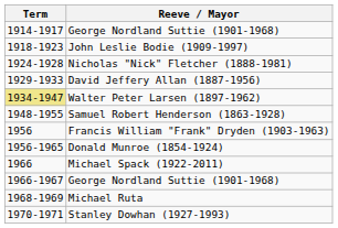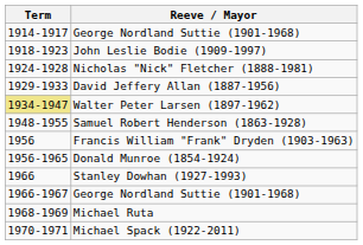 <table class="wikitable">
 <tr>
 <th>Term</th>
 <th>Reeve / Mayor</th>
 </tr>
 <tr>
 <td>1914-1917</td>
 <td>George Nordland Suttie (1901-1968)</td>
 </tr>
 <tr>
 <td>1918-1923</td>
 <td>John Leslie Bodie (1909-1997)</td>
 </tr>
 <tr>
 <td>1924-1928</td>
 <td>Nicholas "Nick" Fletcher (1888-1981)</td>
 </tr>
 <tr>
 <td>1929-1933</td>
 <td>David Jeffery Allan (1887-1956)</td>
 </tr>
 <tr>
 <td style="background: khaki;">1934-1947</td>
 <td>Walter Peter Larsen (1897-1962)</td>
 </tr>
 <tr>
 <td>1948-1955</td>
 <td>Samuel Robert Henderson (1863-1928)</td>
 </tr>
 <tr>
 <td>1956</td>
 <td>Francis William "Frank" Dryden (1903-1963)</td>
 </tr>
 <tr>
 <td>1956-1965</td>
 <td>Donald Munroe (1854-1924)</td>
 </tr>
 <tr>
 <td>1966</td>
-<td>Michael Spack (1922-2011)</td>
+<td>Stanley Dowhan (1927-1993)</td>
 </tr>
 <tr>
 <td>1966-1967</td>
 <td>George Nordland Suttie (1901-1968)</td>
 </tr>
 <tr>
 <td>1968-1969</td>
 <td>Michael Ruta</td>
 </tr>
 <tr>
 <td>1970-1971</td>
-<td>Stanley Dowhan (1927-1993)</td>
+<td>Michael Spack (1922-2011)</td>
 </tr>
 </table>
